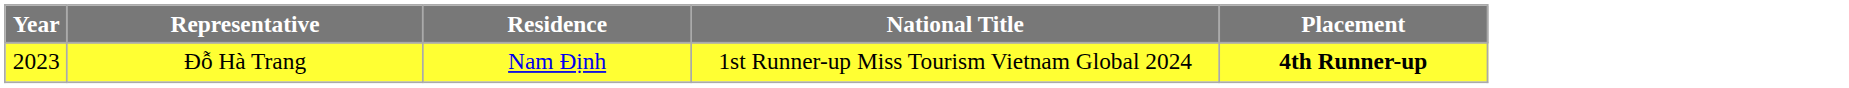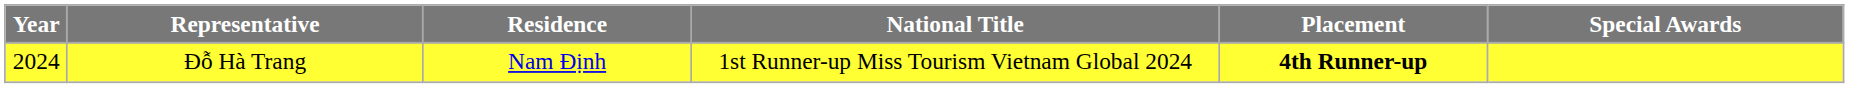 <table class="wikitable sortable" style="font-size: 85%; text-align:center">
 <tr>
 <th width="30" style="background-color:#787878;color:#FFFFFF;">Year</th>
 <th width="200" style="background-color:#787878;color:#FFFFFF;">Representative</th>
 <th width="150" style="background-color:#787878;color:#FFFFFF;">Residence</th>
 <th width="300" style="background-color:#787878;color:#FFFFFF;">National Title</th>
 <th width="150" style="background-color:#787878;color:#FFFFFF;">Placement</th>
+<th width="200" style="background-color:#787878;color:#FFFFFF;">Special Awards</th>
 </tr>
 <tr style="background-color:#FFFF33; : bold">
-<td>2023</td>
+<td>2024</td>
 <td>Đỗ Hà Trang</td>
 <td><a href='#'>Nam Định</a></td>
 <td>1st Runner-up Miss Tourism Vietnam Global 2024</td>
 <td><strong>4th Runner-up</strong></td>
+<td style="background:;"></td>
 </tr>
 </table>
